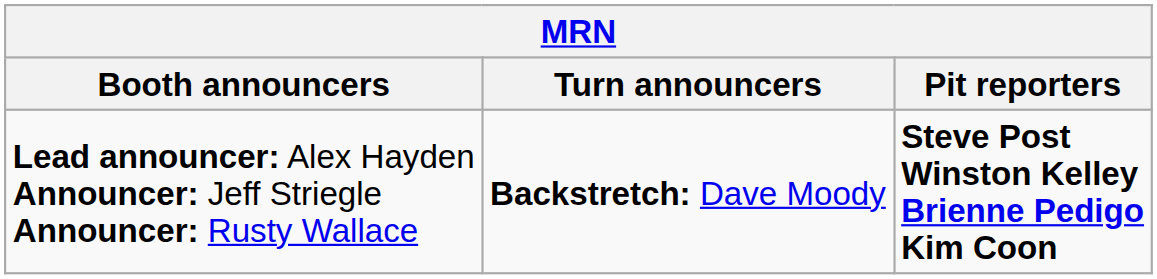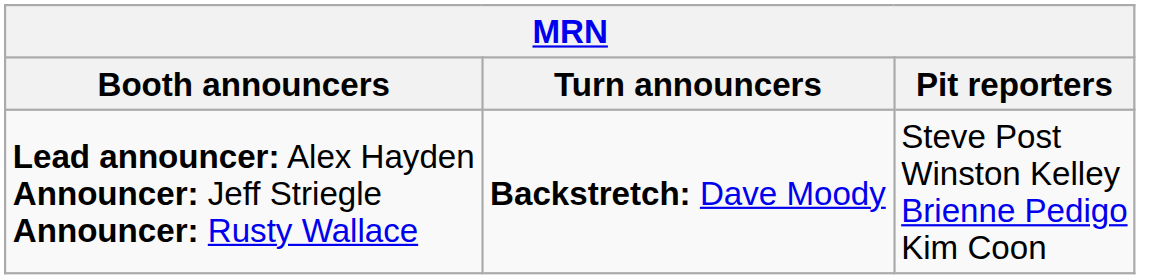 <table class="wikitable" style="font-size: 95%;">
 <tr>
 <th colspan="3"><a href='#'>MRN</a></th>
 </tr>
 <tr>
 <th>Booth announcers</th>
 <th>Turn announcers</th>
 <th>Pit reporters</th>
 </tr>
 <tr>
 <td><strong>Lead announcer:</strong> Alex Hayden<br><strong>Announcer:</strong> Jeff Striegle<br><strong>Announcer:</strong> <a href='#'>Rusty Wallace</a></td>
 <td><strong>Backstretch:</strong> <a href='#'>Dave Moody</a></td>
-<td><strong>Steve Post<br>Winston Kelley<br><a href='#'>Brienne Pedigo</a><br>Kim Coon</strong></td>
+<td>Steve Post<br>Winston Kelley<br><a href='#'>Brienne Pedigo</a><br>Kim Coon</td>
 </tr>
 </table>
